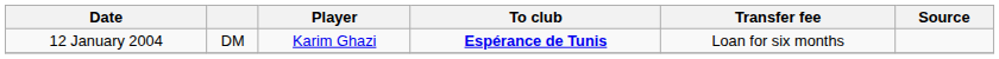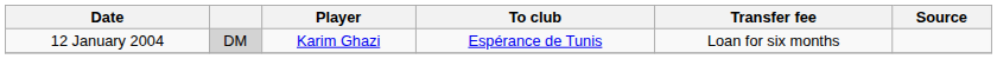 <table class="wikitable sortable" style="width:70%; text-align:center; font-size:85%; text-align:centre;">
 <tr>
 <th><strong>Date</strong></th>
 <th><strong></strong></th>
 <th><strong>Player</strong></th>
 <th><strong>To club</strong></th>
 <th><strong>Transfer fee</strong></th>
 <th><strong>Source</strong></th>
 </tr>
 <tr>
 <td>12 January 2004</td>
-<td>DM</td>
+<td style="background: lightgrey;">DM</td>
 <td> <a href='#'>Karim Ghazi</a></td>
-<td><strong> <a href='#'>Espérance de Tunis</a></strong></td>
+<td> <a href='#'>Espérance de Tunis</a></td>
 <td>Loan for six months</td>
 <td></td>
 </tr>
 <tr>
 </tr>
 </table>
